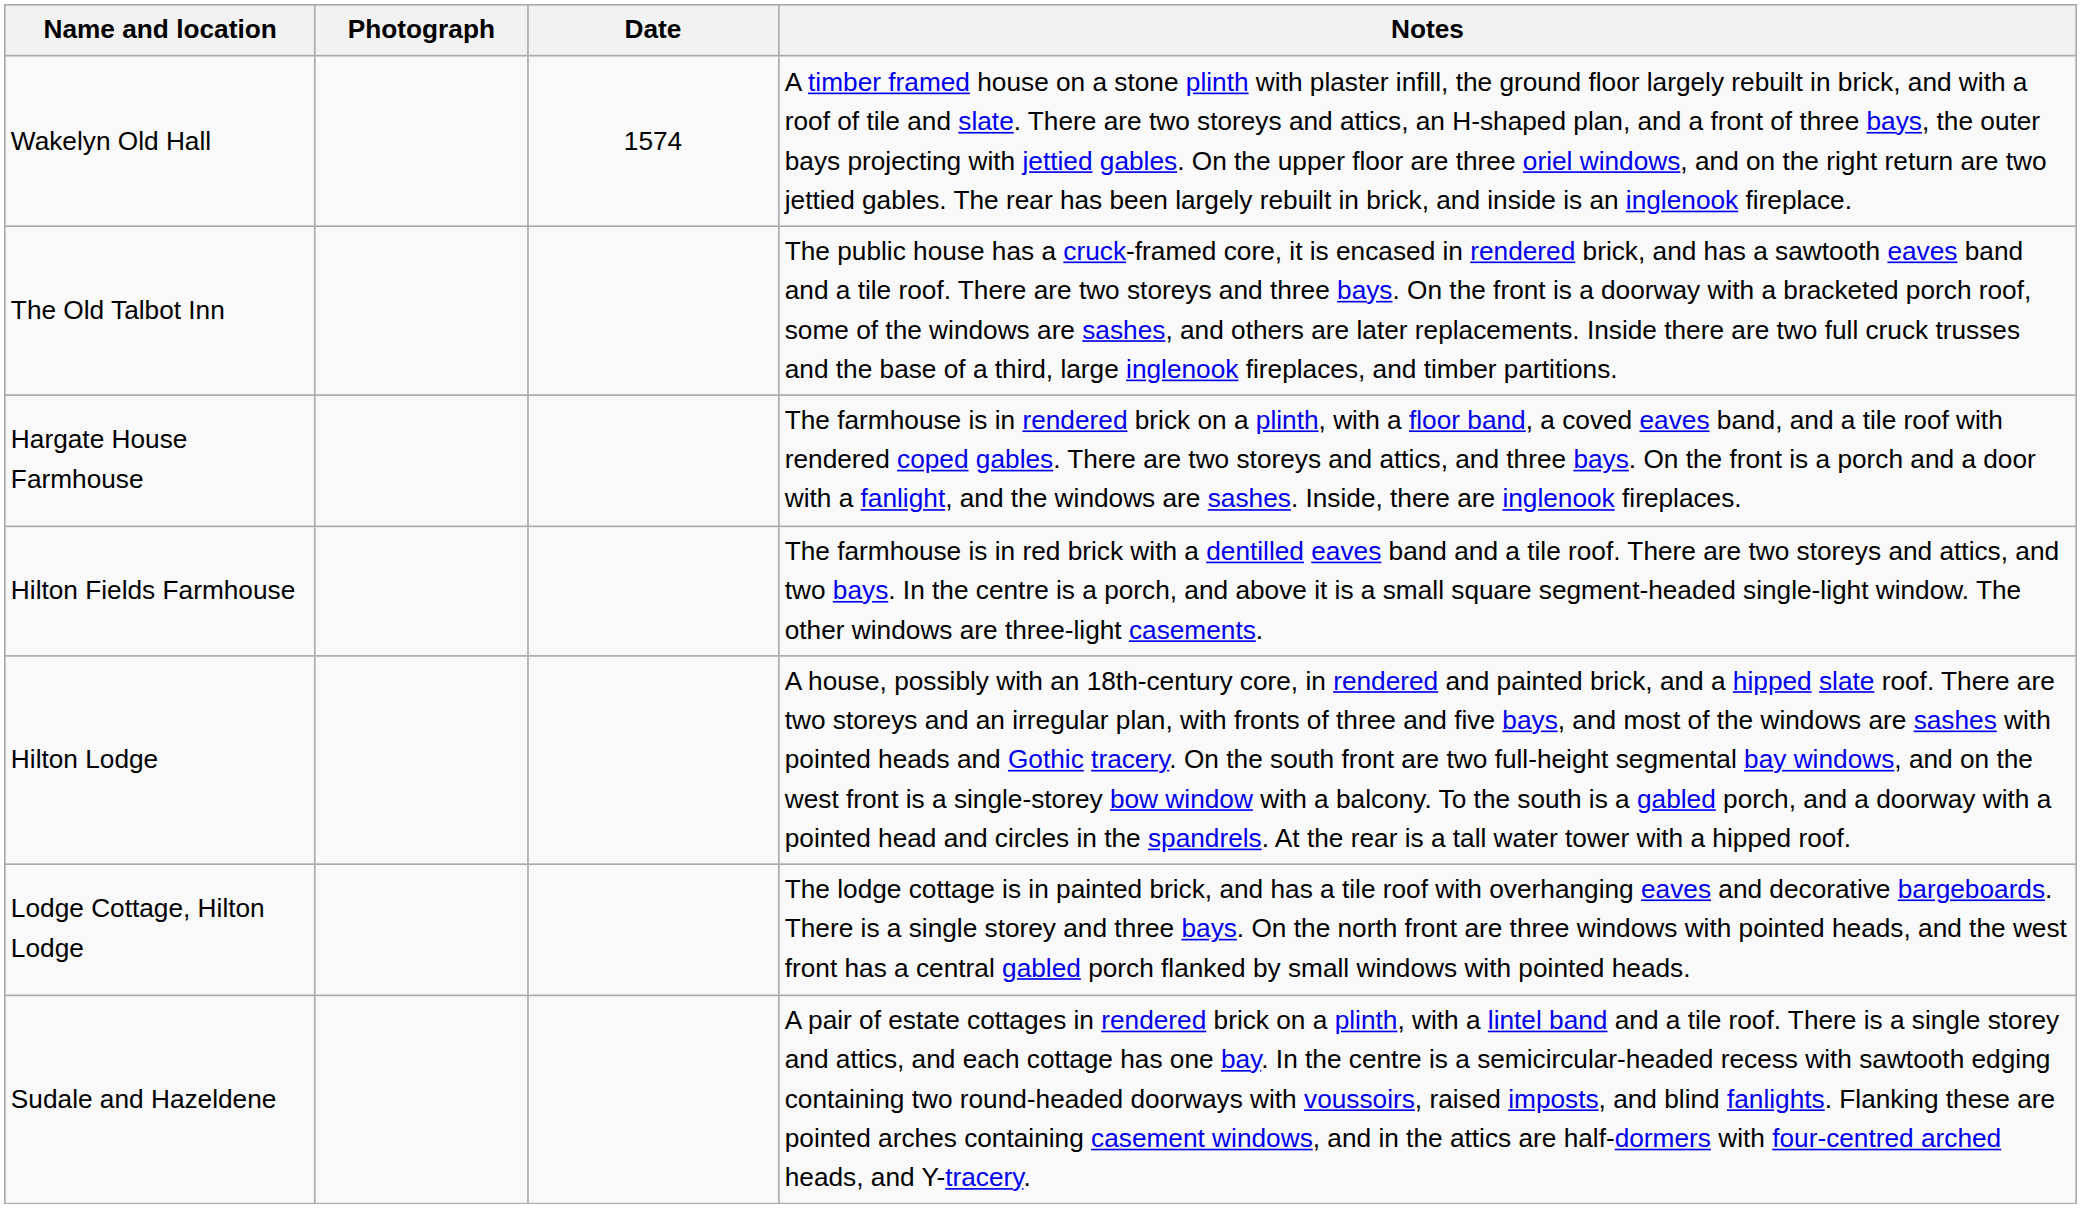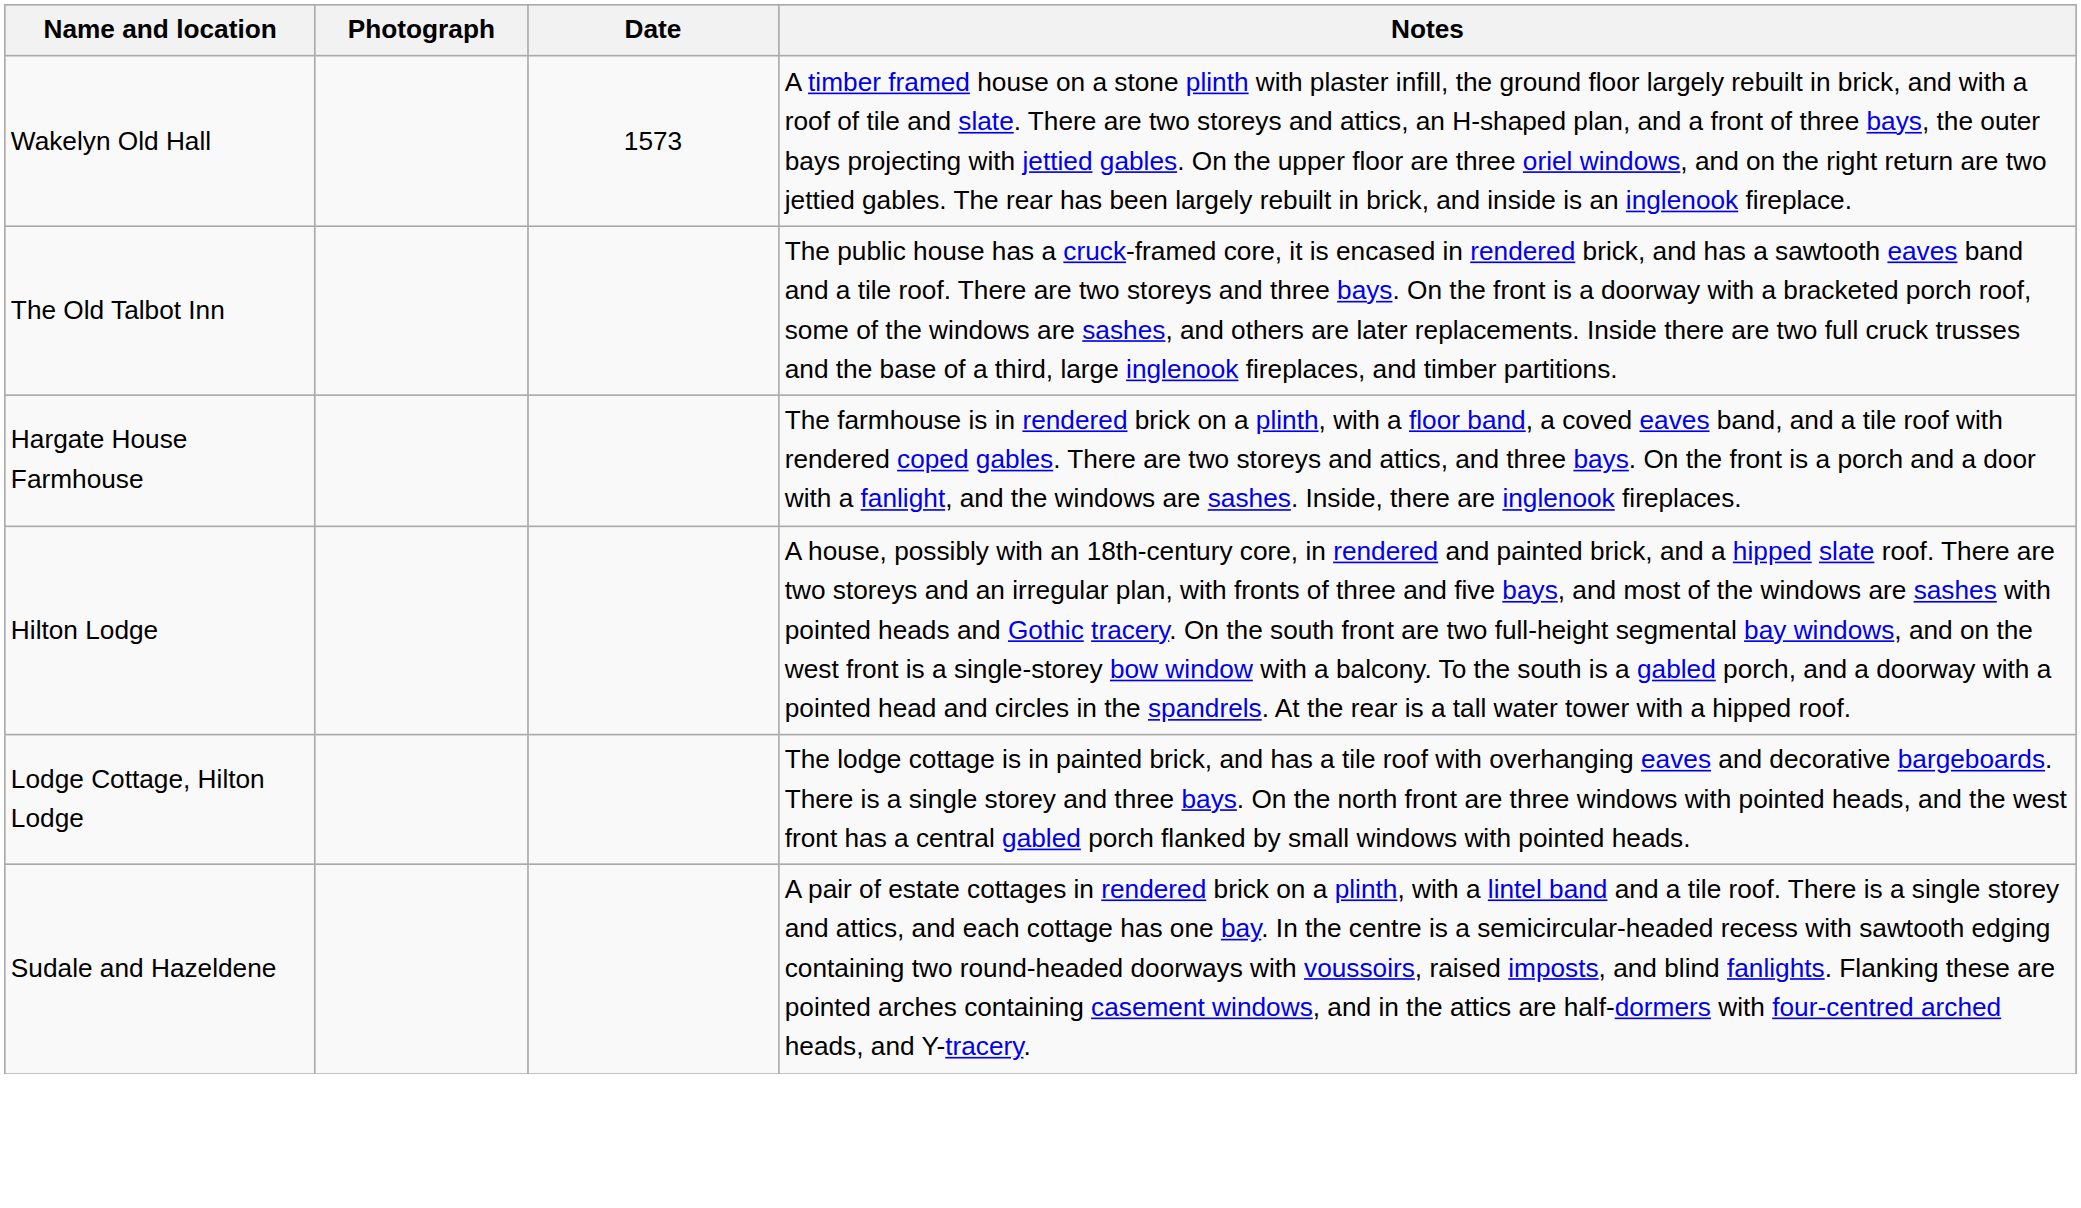 <table class="wikitable sortable plainrowheaders" style="width:100%;border:0px;text-align:left;line-height:150%;">
 <tr>
 <th scope="col"  style="width:150px">Name and location</th>
 <th scope="col"  style="width:100px" class="unsortable">Photograph</th>
 <th scope="col"  style="width:120px">Date</th>
 <th scope="col"  style="width:650px" class="unsortable">Notes</th>
 </tr>
 <tr>
 <td>Wakelyn Old Hall<br><small></small></td>
 <td></td>
-<td align="center">1574</td>
+<td align="center">1573</td>
 <td>A <a href='#'>timber framed</a> house on a stone <a href='#'>plinth</a> with plaster infill, the ground floor largely rebuilt in brick, and with a roof of tile and <a href='#'>slate</a>.  There are two storeys and attics, an H-shaped plan, and a front of three <a href='#'>bays</a>, the outer bays projecting with <a href='#'>jettied</a> <a href='#'>gables</a>.  On the upper floor are three <a href='#'>oriel windows</a>, and on the right return are two jettied gables.  The rear has been largely rebuilt in brick, and inside is an <a href='#'>inglenook</a> fireplace.</td>
 </tr>
 <tr>
 <td>The Old Talbot Inn<br><small></small></td>
 <td></td>
 <td align="center"></td>
 <td>The public house has a <a href='#'>cruck</a>-framed core, it is encased in <a href='#'>rendered</a> brick, and has a sawtooth <a href='#'>eaves</a> band and a tile roof.  There are two storeys and three <a href='#'>bays</a>.  On the front is a doorway with a bracketed porch roof, some of the windows are <a href='#'>sashes</a>, and others are later replacements.  Inside there are two full cruck trusses and the base of a third, large <a href='#'>inglenook</a> fireplaces, and timber partitions.</td>
 </tr>
 <tr>
 <td>Hargate House Farmhouse<br><small></small></td>
 <td></td>
 <td align="center"></td>
 <td>The farmhouse is in <a href='#'>rendered</a> brick on a <a href='#'>plinth</a>, with a <a href='#'>floor band</a>, a coved <a href='#'>eaves</a> band, and a tile roof with rendered <a href='#'>coped</a> <a href='#'>gables</a>.  There are two storeys and attics, and three <a href='#'>bays</a>.  On the front is a porch and a door with a <a href='#'>fanlight</a>, and the windows are <a href='#'>sashes</a>.  Inside, there are <a href='#'>inglenook</a> fireplaces.</td>
-</tr>
-<tr>
-<td>Hilton Fields Farmhouse<br><small></small></td>
-<td></td>
-<td align="center"></td>
-<td>The farmhouse is in red brick with a <a href='#'>dentilled</a> <a href='#'>eaves</a> band and a tile roof.  There are two storeys and attics, and two <a href='#'>bays</a>.  In the centre is a porch, and above it is a small square segment-headed single-light window.  The other windows are three-light <a href='#'>casements</a>.</td>
 </tr>
 <tr>
 <td>Hilton Lodge<br><small></small></td>
 <td></td>
 <td align="center"></td>
 <td>A house, possibly with an 18th-century core, in <a href='#'>rendered</a> and painted brick, and a <a href='#'>hipped</a> <a href='#'>slate</a> roof.  There are two storeys and an irregular plan, with fronts of three and five <a href='#'>bays</a>, and most of the windows are <a href='#'>sashes</a> with pointed heads and <a href='#'>Gothic</a> <a href='#'>tracery</a>.  On the south front are two full-height segmental <a href='#'>bay windows</a>, and on the west front is a single-storey <a href='#'>bow window</a> with a balcony. To the south is a <a href='#'>gabled</a> porch, and a doorway with a pointed head and circles in the <a href='#'>spandrels</a>.  At the rear is a tall water tower with a hipped roof.</td>
 </tr>
 <tr>
 <td>Lodge Cottage, Hilton Lodge<br><small></small></td>
 <td></td>
 <td align="center"></td>
 <td>The lodge cottage is in painted brick, and has a tile roof with overhanging <a href='#'>eaves</a> and decorative <a href='#'>bargeboards</a>.  There is a single storey and three <a href='#'>bays</a>.  On the north front are three windows with pointed heads, and the west front has a central <a href='#'>gabled</a> porch flanked by small windows with pointed heads.</td>
 </tr>
 <tr>
 <td>Sudale and Hazeldene<br><small></small></td>
 <td></td>
 <td align="center"></td>
 <td>A pair of estate cottages in <a href='#'>rendered</a> brick on a <a href='#'>plinth</a>, with a <a href='#'>lintel band</a> and a tile roof.  There is a single storey and attics, and each cottage has one <a href='#'>bay</a>.  In the centre is a semicircular-headed recess with sawtooth edging containing two round-headed doorways with <a href='#'>voussoirs</a>, raised <a href='#'>imposts</a>, and blind <a href='#'>fanlights</a>.  Flanking these are pointed arches containing <a href='#'>casement windows</a>, and in the attics are half-<a href='#'>dormers</a> with <a href='#'>four-centred arched</a> heads, and Y-<a href='#'>tracery</a>.</td>
 </tr>
 <tr>
 </tr>
 </table>
